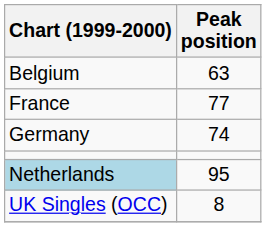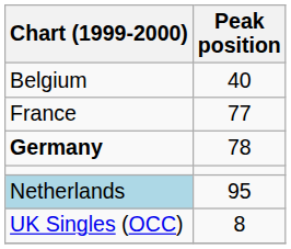 <table class="wikitable sortable">
 <tr>
 <th>Chart (1999-2000)</th>
 <th>Peak<br>position</th>
 </tr>
 <tr>
 <td>Belgium </td>
-<td style="text-align:center;">63</td>
+<td style="text-align:center;">40</td>
 </tr>
 <tr>
 <td>France </td>
 <td style="text-align:center;">77</td>
 </tr>
 <tr>
-<td>Germany </td>
-<td style="text-align:center;">74</td>
+<td><strong>Germany </strong></td>
+<td style="text-align:center;">78</td>
 </tr>
 <tr>
 <td></td>
 </tr>
 <tr>
 <td style="background: lightblue;">Netherlands </td>
 <td style="text-align:center;">95</td>
 </tr>
 <tr>
 <td><a href='#'>UK Singles</a> (<a href='#'>OCC</a>)</td>
 <td style="text-align:center;">8</td>
 </tr>
 <tr>
 </tr>
 </table>
